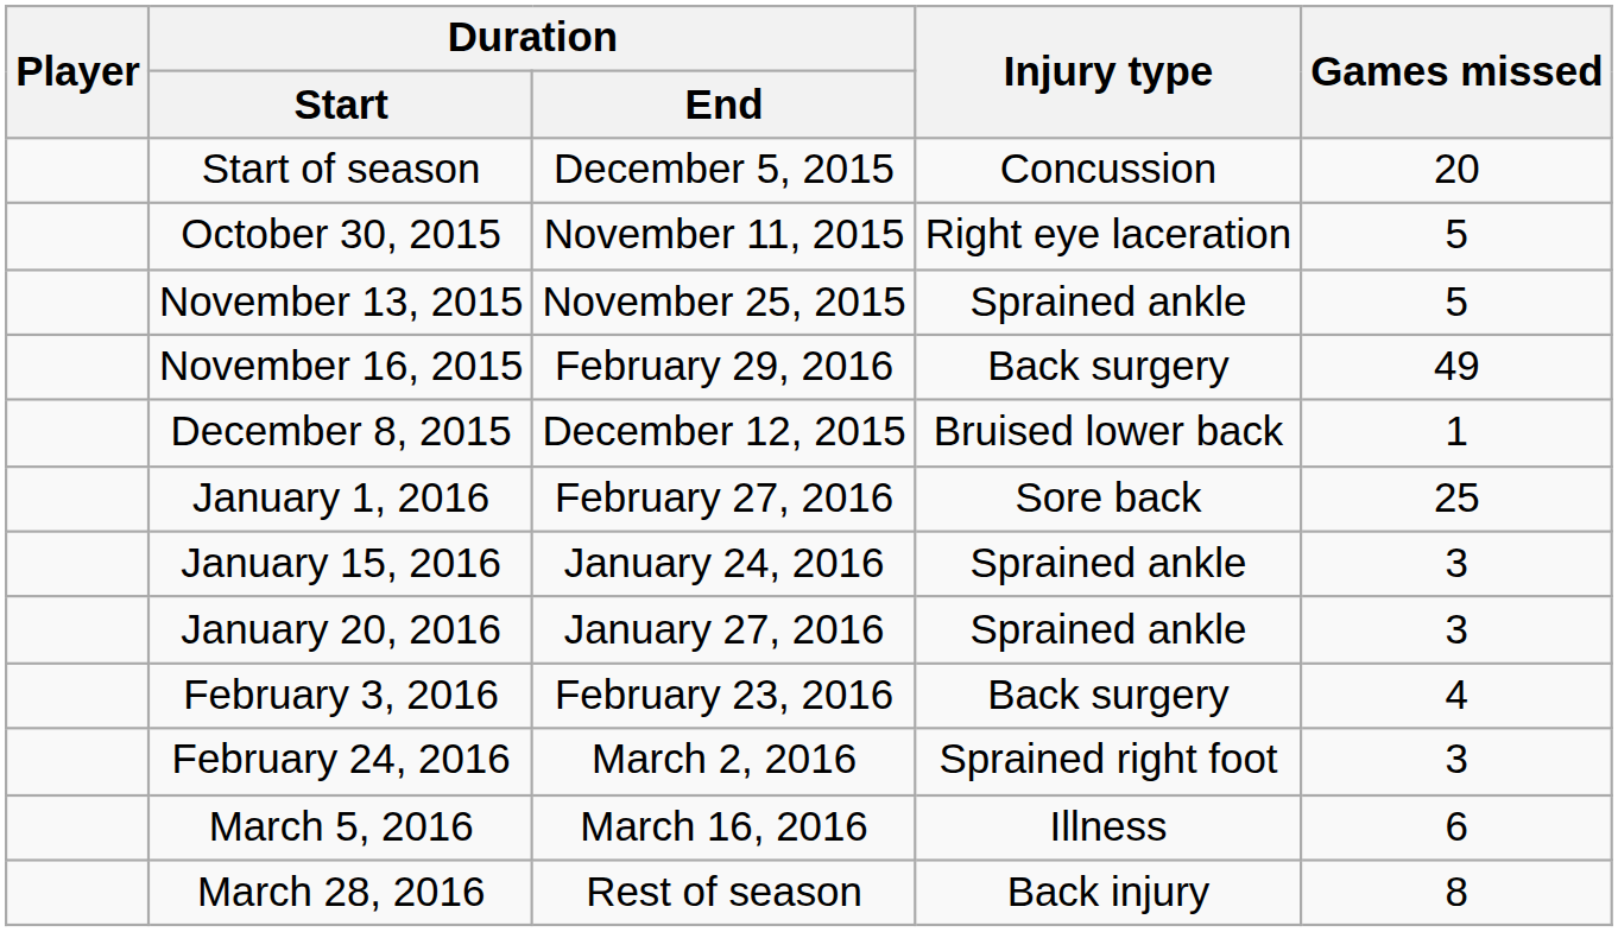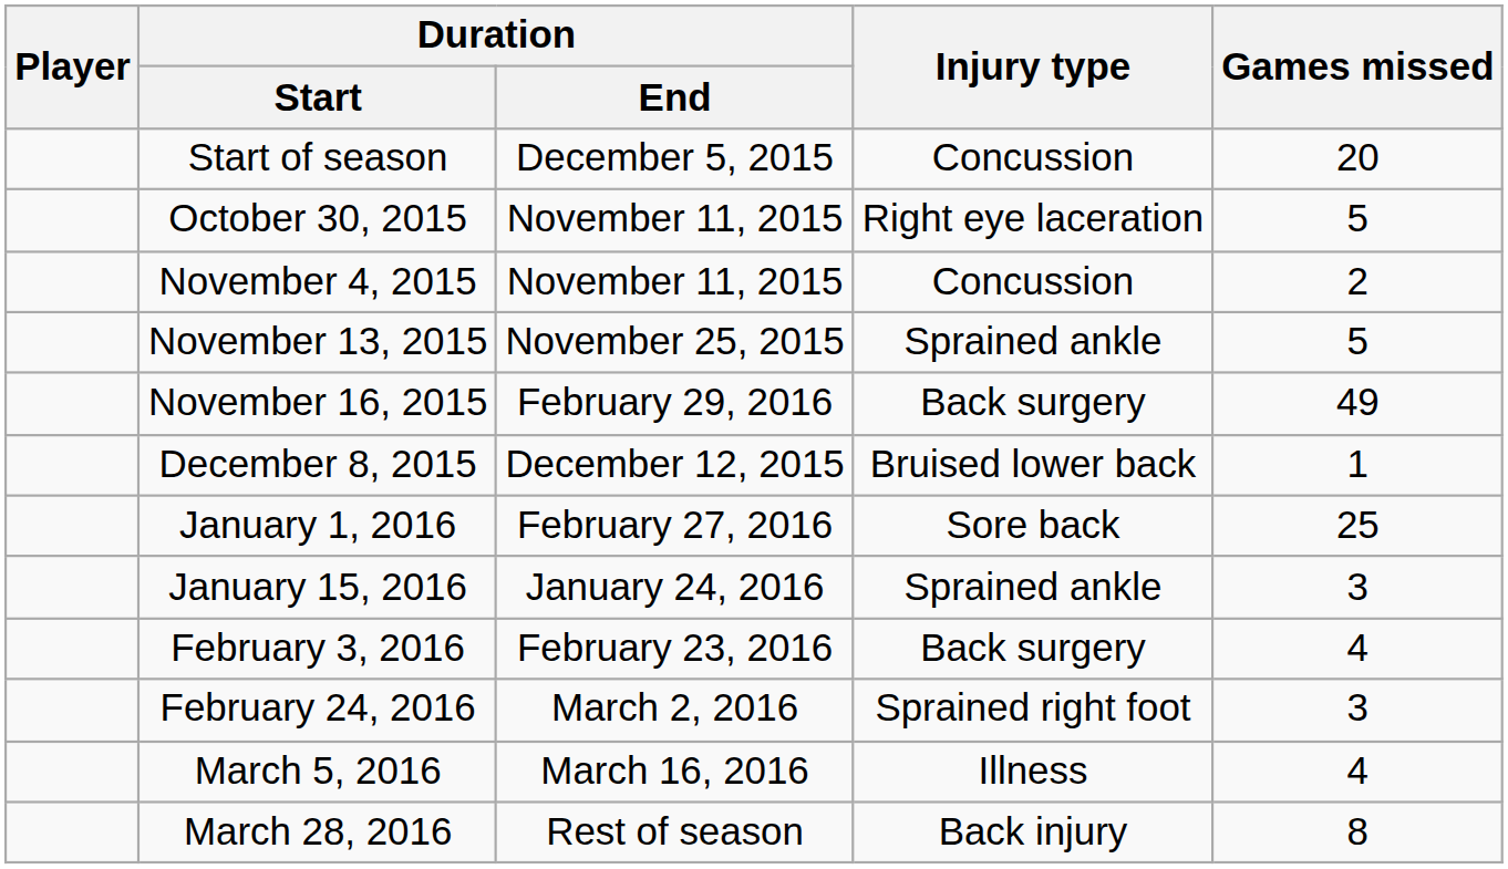 <table class="wikitable sortable collapsible" style="text-align:center;">
 <tr>
 <th rowspan="2">Player</th>
 <th colspan="2">Duration</th>
 <th rowspan="2">Injury type</th>
 <th rowspan="2">Games missed</th>
 </tr>
 <tr>
 <th>Start</th>
 <th>End<br></th>
 </tr>
 <tr>
 <td></td>
 <td>Start of season</td>
 <td>December 5, 2015</td>
 <td>Concussion</td>
 <td>20</td>
 </tr>
 <tr>
 <td></td>
 <td>October 30, 2015</td>
 <td>November 11, 2015</td>
 <td>Right eye laceration</td>
 <td>5</td>
+</tr>
+<tr>
+<td></td>
+<td>November 4, 2015</td>
+<td>November 11, 2015</td>
+<td>Concussion</td>
+<td>2</td>
 </tr>
 <tr>
 <td></td>
 <td>November 13, 2015</td>
 <td>November 25, 2015</td>
 <td>Sprained ankle</td>
 <td>5</td>
 </tr>
 <tr>
 <td></td>
 <td>November 16, 2015</td>
 <td>February 29, 2016</td>
 <td>Back surgery</td>
 <td>49</td>
 </tr>
 <tr>
 <td></td>
 <td>December 8, 2015</td>
 <td>December 12, 2015</td>
 <td>Bruised lower back</td>
 <td>1</td>
 </tr>
 <tr>
 <td></td>
 <td>January 1, 2016</td>
 <td>February 27, 2016</td>
 <td>Sore back</td>
 <td>25</td>
 </tr>
 <tr>
 <td></td>
 <td>January 15, 2016</td>
 <td>January 24, 2016</td>
 <td>Sprained ankle</td>
 <td>3</td>
 </tr>
 <tr>
 <td></td>
-<td>January 20, 2016</td>
-<td>January 27, 2016</td>
-<td>Sprained ankle</td>
-<td>3</td>
-</tr>
-<tr>
-<td></td>
 <td>February 3, 2016</td>
 <td>February 23, 2016</td>
 <td>Back surgery</td>
 <td>4</td>
 </tr>
 <tr>
 <td></td>
 <td>February 24, 2016</td>
 <td>March 2, 2016</td>
 <td>Sprained right foot</td>
 <td>3</td>
 </tr>
 <tr>
 <td></td>
 <td>March 5, 2016</td>
 <td>March 16, 2016</td>
 <td>Illness</td>
-<td>6</td>
+<td>4</td>
 </tr>
 <tr>
 <td></td>
 <td>March 28, 2016</td>
 <td>Rest of season</td>
 <td>Back injury</td>
 <td>8</td>
 </tr>
 </table>
